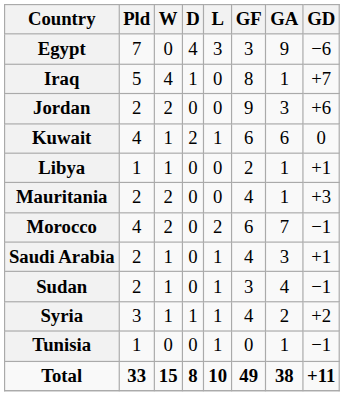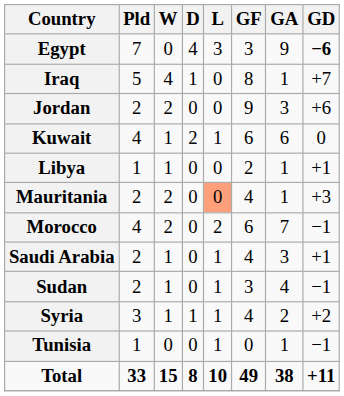 <table class="wikitable plainrowheaders sortable" style="text-align:center">
 <tr>
 <th scope=col>Country</th>
 <th scope=col>Pld</th>
 <th scope=col>W</th>
 <th scope=col>D</th>
 <th scope=col>L</th>
 <th scope=col>GF</th>
 <th scope=col>GA</th>
 <th scope=col>GD</th>
 </tr>
 <tr>
 <th scope=row> Egypt</th>
 <td>7</td>
 <td>0</td>
 <td>4</td>
 <td>3</td>
 <td>3</td>
 <td>9</td>
-<td>−6</td>
+<td><strong>−6</strong></td>
 </tr>
 <tr>
 <th scope=row> Iraq</th>
 <td>5</td>
 <td>4</td>
 <td>1</td>
 <td>0</td>
 <td>8</td>
 <td>1</td>
 <td>+7</td>
 </tr>
 <tr>
 <th scope=row> Jordan</th>
 <td>2</td>
 <td>2</td>
 <td>0</td>
 <td>0</td>
 <td>9</td>
 <td>3</td>
 <td>+6</td>
 </tr>
 <tr>
 <th scope=row> Kuwait</th>
 <td>4</td>
 <td>1</td>
 <td>2</td>
 <td>1</td>
 <td>6</td>
 <td>6</td>
 <td>0</td>
 </tr>
 <tr>
 <th scope=row> Libya</th>
 <td>1</td>
 <td>1</td>
 <td>0</td>
 <td>0</td>
 <td>2</td>
 <td>1</td>
 <td>+1</td>
 </tr>
 <tr>
 <th scope=row> Mauritania</th>
 <td>2</td>
 <td>2</td>
 <td>0</td>
-<td>0</td>
+<td style="background: lightsalmon;">0</td>
 <td>4</td>
 <td>1</td>
 <td>+3</td>
 </tr>
 <tr>
 <th scope=row> Morocco</th>
 <td>4</td>
 <td>2</td>
 <td>0</td>
 <td>2</td>
 <td>6</td>
 <td>7</td>
 <td>−1</td>
 </tr>
 <tr>
 <th scope=row> Saudi Arabia</th>
 <td>2</td>
 <td>1</td>
 <td>0</td>
 <td>1</td>
 <td>4</td>
 <td>3</td>
 <td>+1</td>
 </tr>
 <tr>
 <th scope=row> Sudan</th>
 <td>2</td>
 <td>1</td>
 <td>0</td>
 <td>1</td>
 <td>3</td>
 <td>4</td>
 <td>−1</td>
 </tr>
 <tr>
 <th scope=row> Syria</th>
 <td>3</td>
 <td>1</td>
 <td>1</td>
 <td>1</td>
 <td>4</td>
 <td>2</td>
 <td>+2</td>
 </tr>
 <tr>
 <th scope=row> Tunisia</th>
 <td>1</td>
 <td>0</td>
 <td>0</td>
 <td>1</td>
 <td>0</td>
 <td>1</td>
 <td>−1</td>
 </tr>
 <tr>
 <td align-"center"><strong>Total</strong></td>
 <td><strong>33</strong></td>
 <td><strong>15</strong></td>
 <td><strong>8</strong></td>
 <td><strong>10</strong></td>
 <td><strong>49</strong></td>
 <td><strong>38</strong></td>
 <td><strong>+11</strong></td>
 </tr>
 <tr>
 </tr>
 </table>
